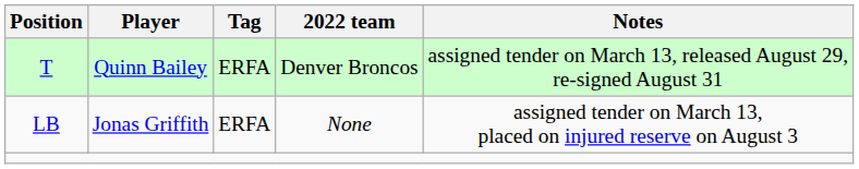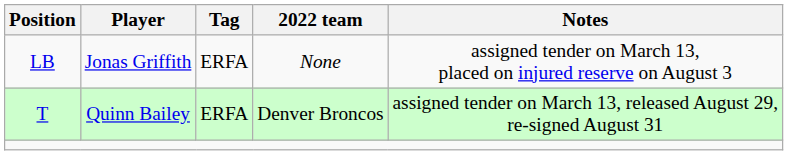 <table class="wikitable" style="text-align:center">
 <tr>
 <th>Position</th>
 <th>Player</th>
 <th>Tag</th>
 <th>2022 team</th>
 <th>Notes</th>
 </tr>
+<tr style="background:#">
+<td><a href='#'>LB</a></td>
+<td><a href='#'>Jonas Griffith</a></td>
+<td>ERFA</td>
+<td><em>None</em></td>
+<td>assigned tender on March 13,<br>placed on <a href='#'>injured reserve</a> on August 3</td>
+</tr>
 <tr style="background:#cfc">
 <td><a href='#'>T</a></td>
 <td><a href='#'>Quinn Bailey</a></td>
 <td>ERFA</td>
 <td>Denver Broncos</td>
 <td>assigned tender on March 13, released August 29,<br>re-signed August 31</td>
 </tr>
-<tr style="background:#">
-<td><a href='#'>LB</a></td>
-<td><a href='#'>Jonas Griffith</a></td>
-<td>ERFA</td>
-<td><em>None</em></td>
-<td>assigned tender on March 13,<br>placed on <a href='#'>injured reserve</a> on August 3</td>
-</tr>
 <tr>
 <td colspan=5></td>
 </tr>
 </table>
